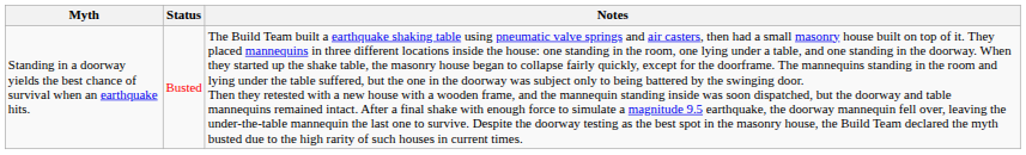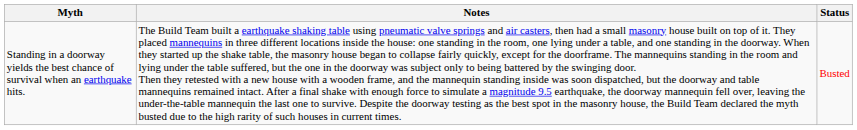 <table class="wikitable plainrowheaders">
 <tr>
 <th scope"col">Myth</th>
+<th scope"col">Notes</th>
 <th scope"col">Status</th>
-<th scope"col">Notes</th>
 </tr>
 <tr>
 <td scope"row">Standing in a doorway yields the best chance of survival when an <a href='#'>earthquake</a> hits.</td>
+<td>The Build Team built a  <a href='#'>earthquake shaking table</a> using <a href='#'>pneumatic valve springs</a> and <a href='#'>air casters</a>, then had a small <a href='#'>masonry</a> house built on top of it. They placed <a href='#'>mannequins</a> in three different locations inside the house: one standing in the room, one lying under a table, and one standing in the doorway. When they started up the shake table, the masonry house began to collapse fairly quickly, except for the doorframe. The mannequins standing in the room and lying under the table suffered, but the one in the doorway was subject only to being battered by the swinging door.<br>Then they retested with a new house with a wooden frame, and the mannequin standing inside was soon dispatched, but the doorway and table mannequins remained intact. After a final shake with enough force to simulate a <a href='#'>magnitude 9.5</a> earthquake, the doorway mannequin fell over, leaving the under-the-table mannequin the last one to survive. Despite the doorway testing as the best spot in the masonry house, the Build Team declared the myth busted due to the high rarity of such houses in current times.</td>
 <td style="color:red">Busted</td>
-<td>The Build Team built a  <a href='#'>earthquake shaking table</a> using <a href='#'>pneumatic valve springs</a> and <a href='#'>air casters</a>, then had a small <a href='#'>masonry</a> house built on top of it. They placed <a href='#'>mannequins</a> in three different locations inside the house: one standing in the room, one lying under a table, and one standing in the doorway. When they started up the shake table, the masonry house began to collapse fairly quickly, except for the doorframe. The mannequins standing in the room and lying under the table suffered, but the one in the doorway was subject only to being battered by the swinging door.<br>Then they retested with a new house with a wooden frame, and the mannequin standing inside was soon dispatched, but the doorway and table mannequins remained intact. After a final shake with enough force to simulate a <a href='#'>magnitude 9.5</a> earthquake, the doorway mannequin fell over, leaving the under-the-table mannequin the last one to survive. Despite the doorway testing as the best spot in the masonry house, the Build Team declared the myth busted due to the high rarity of such houses in current times.</td>
 </tr>
 </table>
